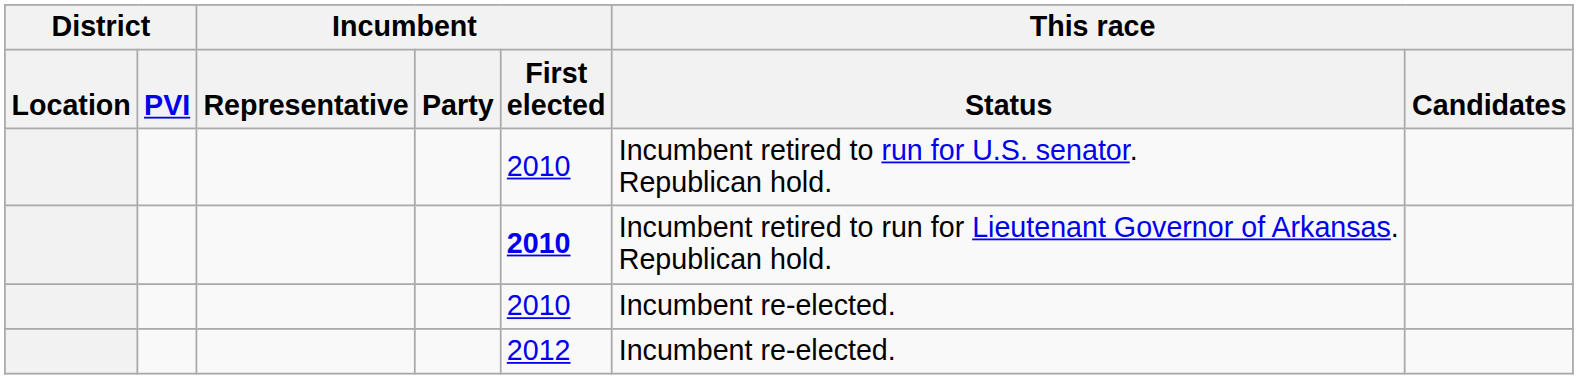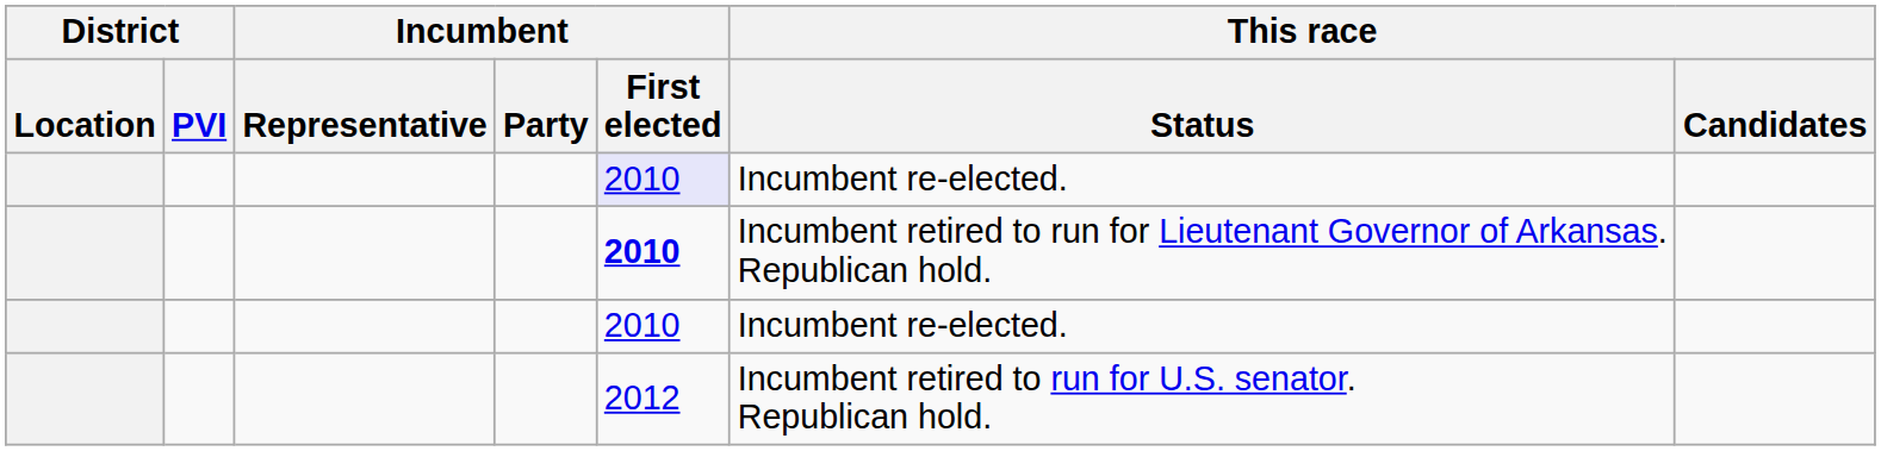 <table class="wikitable sortable">
 <tr valign=bottom>
 <th colspan=2>District</th>
 <th colspan=3>Incumbent</th>
 <th colspan=2>This race</th>
 </tr>
 <tr valign=bottom>
 <th>Location</th>
 <th><a href='#'>PVI</a></th>
 <th>Representative</th>
 <th>Party</th>
 <th>First<br>elected</th>
 <th>Status</th>
 <th>Candidates</th>
 </tr>
 <tr>
 <th></th>
 <td></td>
 <td></td>
 <td></td>
-<td><a href='#'>2010</a></td>
-<td>Incumbent retired to <a href='#'>run for U.S. senator</a>.<br>Republican hold.</td>
+<td style="background: lavender;"><a href='#'>2010</a></td>
+<td>Incumbent re-elected.</td>
 <td nowrap></td>
 </tr>
 <tr>
 <th></th>
 <td></td>
 <td></td>
 <td></td>
 <td><strong><a href='#'>2010</a></strong></td>
 <td>Incumbent retired to run for <a href='#'>Lieutenant Governor of Arkansas</a>.<br>Republican hold.</td>
 <td nowrap></td>
 </tr>
 <tr>
 <th></th>
 <td></td>
 <td></td>
 <td></td>
 <td><a href='#'>2010</a></td>
 <td>Incumbent re-elected.</td>
 <td nowrap></td>
 </tr>
 <tr>
 <th></th>
 <td></td>
 <td></td>
 <td></td>
 <td><a href='#'>2012</a></td>
-<td>Incumbent re-elected.</td>
+<td>Incumbent retired to <a href='#'>run for U.S. senator</a>.<br>Republican hold.</td>
 <td nowrap></td>
 </tr>
 </table>
